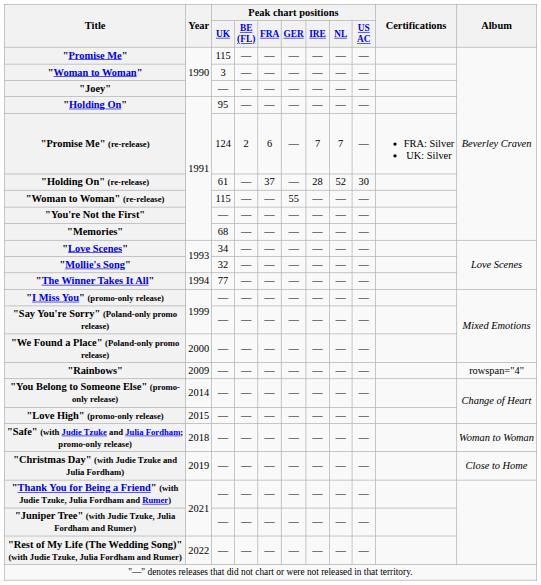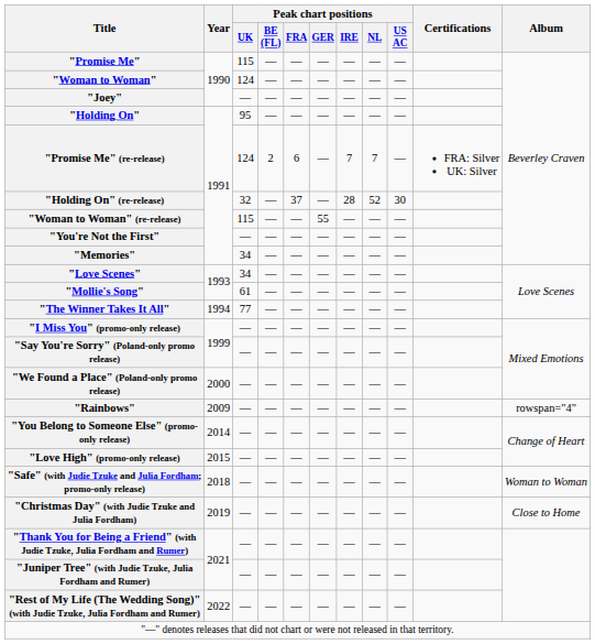 <table class="wikitable plainrowheaders" style="text-align:center;">
 <tr>
 <th rowspan="2" scope="col" style="width:17em;">Title</th>
 <th rowspan="2" scope="col" style="width:2em;">Year</th>
 <th colspan="7">Peak chart positions</th>
 <th rowspan="2">Certifications</th>
 <th rowspan="2">Album</th>
 </tr>
 <tr>
 <th scope="col" style="width:2em;font-size:90%;"><a href='#'>UK</a><br></th>
 <th scope="col" style="width:2em;font-size:90%;"><a href='#'>BE (FL)</a><br></th>
 <th scope="col" style="width:2em;font-size:90%;"><a href='#'>FRA</a><br></th>
 <th scope="col" style="width:2em;font-size:90%;"><a href='#'>GER</a><br></th>
 <th scope="col" style="width:2em;font-size:90%;"><a href='#'>IRE</a><br></th>
 <th scope="col" style="width:2em;font-size:90%;"><a href='#'>NL</a><br></th>
 <th scope="col" style="width:2em;font-size:90%;"><a href='#'>US AC</a><br></th>
 </tr>
 <tr>
 <th scope="row">"<a href='#'>Promise Me</a>"</th>
 <td rowspan="3">1990</td>
 <td>115</td>
 <td>—</td>
 <td>—</td>
 <td>—</td>
 <td>—</td>
 <td>—</td>
 <td>—</td>
 <td></td>
 <td rowspan="9"><em>Beverley Craven</em></td>
 </tr>
 <tr>
 <th scope="row">"<a href='#'>Woman to Woman</a>"</th>
-<td>3</td>
+<td>124</td>
 <td>—</td>
 <td>—</td>
 <td>—</td>
 <td>—</td>
 <td>—</td>
 <td>—</td>
 <td></td>
 </tr>
 <tr>
 <th scope="row">"Joey"</th>
 <td>—</td>
 <td>—</td>
 <td>—</td>
 <td>—</td>
 <td>—</td>
 <td>—</td>
 <td>—</td>
 <td></td>
 </tr>
 <tr>
 <th scope="row">"<a href='#'>Holding On</a>"</th>
 <td rowspan="6">1991</td>
 <td>95</td>
 <td>—</td>
 <td>—</td>
 <td>—</td>
 <td>—</td>
 <td>—</td>
 <td>—</td>
 <td></td>
 </tr>
 <tr>
 <th scope="row">"Promise Me" <small>(re-release)</small></th>
 <td>124</td>
 <td>2</td>
 <td>6</td>
 <td>—</td>
 <td>7</td>
 <td>7</td>
 <td>—</td>
 <td><br><ul><li>FRA: Silver</li><li>UK: Silver</li></ul></td>
 </tr>
 <tr>
 <th scope="row">"Holding On" <small>(re-release)</small></th>
-<td>61</td>
+<td>32</td>
 <td>—</td>
 <td>37</td>
 <td>—</td>
 <td>28</td>
 <td>52</td>
 <td>30</td>
 <td></td>
 </tr>
 <tr>
 <th scope="row">"Woman to Woman" <small>(re-release)</small></th>
 <td>115</td>
 <td>—</td>
 <td>—</td>
 <td>55</td>
 <td>—</td>
 <td>—</td>
 <td>—</td>
 <td></td>
 </tr>
 <tr>
 <th scope="row">"You're Not the First"</th>
 <td>—</td>
 <td>—</td>
 <td>—</td>
 <td>—</td>
 <td>—</td>
 <td>—</td>
 <td>—</td>
 <td></td>
 </tr>
 <tr>
 <th scope="row">"Memories"</th>
-<td>68</td>
+<td>34</td>
 <td>—</td>
 <td>—</td>
 <td>—</td>
 <td>—</td>
 <td>—</td>
 <td>—</td>
 <td></td>
 </tr>
 <tr>
 <th scope="row">"<a href='#'>Love Scenes</a>"</th>
 <td rowspan="2">1993</td>
 <td>34</td>
 <td>—</td>
 <td>—</td>
 <td>—</td>
 <td>—</td>
 <td>—</td>
 <td>—</td>
 <td></td>
 <td rowspan="3"><em>Love Scenes</em></td>
 </tr>
 <tr>
 <th scope="row">"<a href='#'>Mollie's Song</a>"</th>
-<td>32</td>
+<td>61</td>
 <td>—</td>
 <td>—</td>
 <td>—</td>
 <td>—</td>
 <td>—</td>
 <td>—</td>
 <td></td>
 </tr>
 <tr>
 <th scope="row">"<a href='#'>The Winner Takes It All</a>"</th>
 <td>1994</td>
 <td>77</td>
 <td>—</td>
 <td>—</td>
 <td>—</td>
 <td>—</td>
 <td>—</td>
 <td>—</td>
 <td></td>
 </tr>
 <tr>
 <th scope="row">"<a href='#'>I Miss You</a>" <small>(promo-only release)</small></th>
 <td rowspan="2">1999</td>
 <td>—</td>
 <td>—</td>
 <td>—</td>
 <td>—</td>
 <td>—</td>
 <td>—</td>
 <td>—</td>
 <td></td>
 <td rowspan="3"><em>Mixed Emotions</em></td>
 </tr>
 <tr>
 <th scope="row">"Say You're Sorry" <small>(Poland-only promo release)</small></th>
 <td>—</td>
 <td>—</td>
 <td>—</td>
 <td>—</td>
 <td>—</td>
 <td>—</td>
 <td>—</td>
 <td></td>
 </tr>
 <tr>
 <th scope="row">"We Found a Place" <small>(Poland-only promo release)</small></th>
 <td>2000</td>
 <td>—</td>
 <td>—</td>
 <td>—</td>
 <td>—</td>
 <td>—</td>
 <td>—</td>
 <td>—</td>
 <td></td>
 </tr>
 <tr>
 <th scope="row">"Rainbows"</th>
 <td>2009</td>
 <td>—</td>
 <td>—</td>
 <td>—</td>
 <td>—</td>
 <td>—</td>
 <td>—</td>
 <td>—</td>
 <td></td>
 <td>rowspan="4" </td>
 </tr>
 <tr>
 <th scope="row">"You Belong to Someone Else" <small>(promo-only release)</small></th>
 <td>2014</td>
 <td>—</td>
 <td>—</td>
 <td>—</td>
 <td>—</td>
 <td>—</td>
 <td>—</td>
 <td>—</td>
 <td></td>
 <td rowspan="2"><em>Change of Heart</em></td>
 </tr>
 <tr>
 <th scope="row">"Love High" <small>(promo-only release)</small></th>
 <td>2015</td>
 <td>—</td>
 <td>—</td>
 <td>—</td>
 <td>—</td>
 <td>—</td>
 <td>—</td>
 <td>—</td>
 <td></td>
 </tr>
 <tr>
 <th scope="row">"Safe" <small>(with <a href='#'>Judie Tzuke</a> and <a href='#'>Julia Fordham</a>; promo-only release)</small></th>
 <td>2018</td>
 <td>—</td>
 <td>—</td>
 <td>—</td>
 <td>—</td>
 <td>—</td>
 <td>—</td>
 <td>—</td>
 <td></td>
 <td><em>Woman to Woman</em></td>
 </tr>
 <tr>
 <th scope="row">"Christmas Day" <small>(with Judie Tzuke and Julia Fordham)</small></th>
 <td>2019</td>
 <td>—</td>
 <td>—</td>
 <td>—</td>
 <td>—</td>
 <td>—</td>
 <td>—</td>
 <td>—</td>
 <td></td>
 <td><em>Close to Home</em></td>
 </tr>
 <tr>
 <th scope="row">"<a href='#'>Thank You for Being a Friend</a>" <small>(with Judie Tzuke, Julia Fordham and <a href='#'>Rumer</a>)</small></th>
 <td rowspan="2">2021</td>
 <td>—</td>
 <td>—</td>
 <td>—</td>
 <td>—</td>
 <td>—</td>
 <td>—</td>
 <td>—</td>
 <td></td>
 </tr>
 <tr>
 <th scope="row">"Juniper Tree" <small>(with Judie Tzuke, Julia Fordham and Rumer)</small></th>
 <td>—</td>
 <td>—</td>
 <td>—</td>
 <td>—</td>
 <td>—</td>
 <td>—</td>
 <td>—</td>
 <td></td>
 </tr>
 <tr>
 <th scope="row">"Rest of My Life (The Wedding Song)" <small>(with Judie Tzuke, Julia Fordham and Rumer)</small></th>
 <td>2022</td>
 <td>—</td>
 <td>—</td>
 <td>—</td>
 <td>—</td>
 <td>—</td>
 <td>—</td>
 <td>—</td>
 <td></td>
 </tr>
 <tr>
 <td colspan="11" style="font-size:90%">"—" denotes releases that did not chart or were not released in that territory.</td>
 </tr>
 </table>
